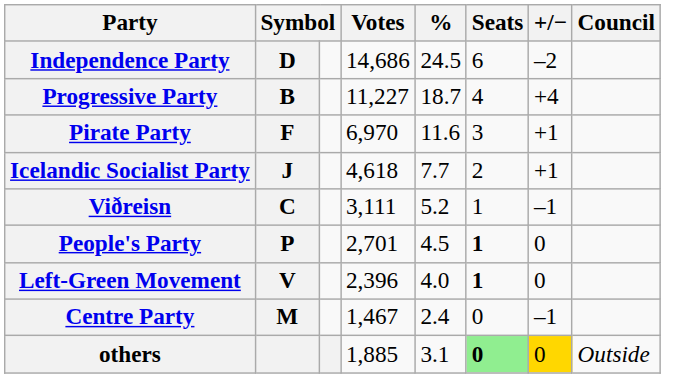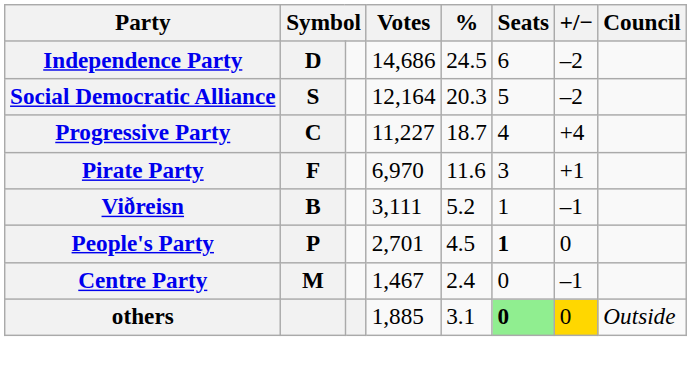 <table class="wikitable">
 <tr>
 <th>Party</th>
 <th colspan="2">Symbol</th>
 <th>Votes</th>
 <th>%</th>
 <th>Seats</th>
 <th>+/−</th>
 <th>Council</th>
 </tr>
 <tr>
 <th align="right"><a href='#'>Independence Party</a></th>
 <th><strong>D</strong></th>
 <td></td>
 <td> 14,686</td>
 <td> 24.5</td>
 <td> 6</td>
 <td>–2</td>
 <td></td>
 </tr>
 <tr>
+<th align="right"><a href='#'>Social Democratic Alliance</a></th>
+<th><strong>S</strong></th>
+<td></td>
+<td> 12,164</td>
+<td> 20.3</td>
+<td> 5</td>
+<td>–2</td>
+<td></td>
+</tr>
+<tr>
 <th align="right"><a href='#'>Progressive Party</a></th>
-<th><strong>B</strong></th>
+<th><strong>C</strong></th>
 <td></td>
 <td> 11,227</td>
 <td>18.7</td>
 <td> 4</td>
 <td>+4</td>
 <td></td>
 </tr>
 <tr>
 <th align="right"><a href='#'>Pirate Party</a></th>
 <th><strong>F</strong></th>
 <td></td>
 <td> 6,970</td>
 <td>11.6</td>
 <td> 3</td>
 <td>+1</td>
 <td></td>
 </tr>
 <tr>
-<th align="right"><a href='#'>Icelandic Socialist Party</a></th>
-<th><strong>J</strong></th>
-<td></td>
-<td> 4,618</td>
-<td>7.7</td>
-<td> 2</td>
-<td>+1</td>
-<td></td>
-</tr>
-<tr>
 <th align="right"><a href='#'>Viðreisn</a></th>
-<th><strong>C</strong></th>
+<th><strong>B</strong></th>
 <td></td>
 <td> 3,111</td>
 <td> 5.2</td>
 <td> 1</td>
 <td>–1</td>
 <td></td>
 </tr>
 <tr>
 <th align="right"><a href='#'>People's Party</a></th>
 <th><strong>P</strong></th>
 <td></td>
 <td> 2,701</td>
 <td> 4.5</td>
-<td> <strong>1</strong></td>
-<td>0</td>
-<td></td>
-</tr>
-<tr>
-<th align="right"><a href='#'>Left-Green Movement</a></th>
-<th><strong>V</strong></th>
-<td></td>
-<td> 2,396</td>
-<td> 4.0</td>
 <td> <strong>1</strong></td>
 <td>0</td>
 <td></td>
 </tr>
 <tr>
 <th align="right"><a href='#'>Centre Party</a></th>
 <th><strong>M</strong></th>
 <td></td>
 <td> 1,467</td>
 <td> 2.4</td>
 <td> 0</td>
 <td>–1</td>
 <td></td>
 </tr>
 <tr>
 <th align="right">others</th>
 <th></th>
 <th></th>
 <td> 1,885</td>
 <td> 3.1</td>
 <td style="background: lightgreen;"> <strong>0</strong></td>
 <td style="background: gold;">0</td>
 <td><em>Outside</em></td>
 </tr>
 </table>
